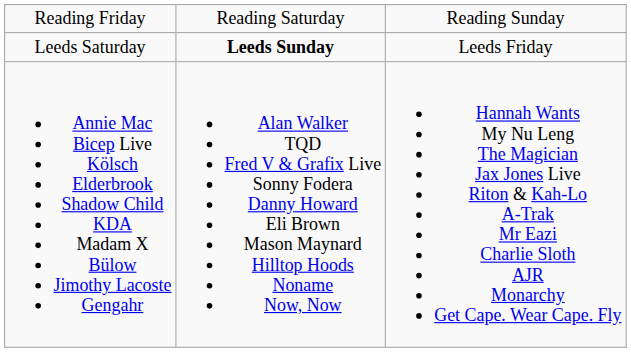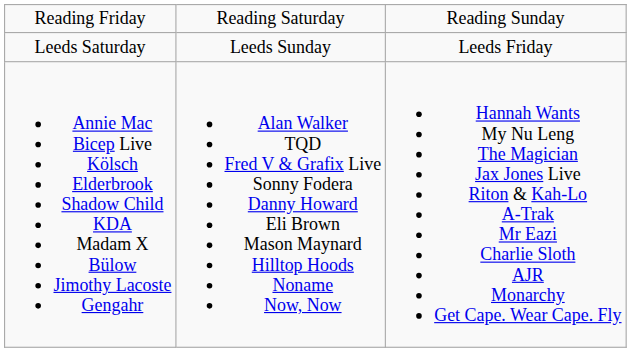 <table class="wikitable" style="text-align:center;">
 <tr>
 <td>Reading Friday</td>
 <td>Reading Saturday</td>
 <td>Reading Sunday</td>
 </tr>
 <tr>
 <td>Leeds Saturday</td>
-<td><strong>Leeds Sunday</strong></td>
+<td>Leeds Sunday</td>
 <td>Leeds Friday</td>
 </tr>
 <tr>
 <td><br><ul><li><a href='#'>Annie Mac</a></li><li><a href='#'>Bicep</a> Live</li><li><a href='#'>Kölsch</a></li><li><a href='#'>Elderbrook</a></li><li><a href='#'>Shadow Child</a></li><li><a href='#'>KDA</a></li><li>Madam X</li><li><a href='#'>Bülow</a></li><li><a href='#'>Jimothy Lacoste</a></li><li><a href='#'>Gengahr</a></li></ul></td>
 <td><br><ul><li><a href='#'>Alan Walker</a></li><li>TQD</li><li><a href='#'>Fred V & Grafix</a> Live</li><li>Sonny Fodera</li><li><a href='#'>Danny Howard</a></li><li>Eli Brown</li><li>Mason Maynard</li><li><a href='#'>Hilltop Hoods</a></li><li><a href='#'>Noname</a></li><li><a href='#'>Now, Now</a></li></ul></td>
 <td><br><ul><li><a href='#'>Hannah Wants</a></li><li>My Nu Leng</li><li><a href='#'>The Magician</a></li><li><a href='#'>Jax Jones</a> Live</li><li><a href='#'>Riton</a> & <a href='#'>Kah-Lo</a></li><li><a href='#'>A-Trak</a></li><li><a href='#'>Mr Eazi</a></li><li><a href='#'>Charlie Sloth</a></li><li><a href='#'>AJR</a></li><li><a href='#'>Monarchy</a></li><li><a href='#'>Get Cape. Wear Cape. Fly</a></li></ul></td>
 </tr>
 </table>
